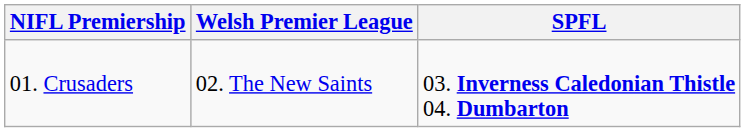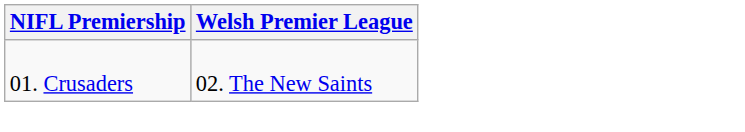 <table class="wikitable">
 <tr>
 <th> <a href='#'>NIFL Premiership</a></th>
 <th> <a href='#'>Welsh Premier League</a></th>
-<th> <a href='#'>SPFL</a></th>
 </tr>
 <tr>
 <td valign=top><br>01. <a href='#'>Crusaders</a></td>
 <td valign=top><br>02. <a href='#'>The New Saints</a></td>
-<td valign=top><br>03. <strong><a href='#'>Inverness Caledonian Thistle</a></strong><br> 04. <strong><a href='#'>Dumbarton</a></strong></td>
 </tr>
 </table>
